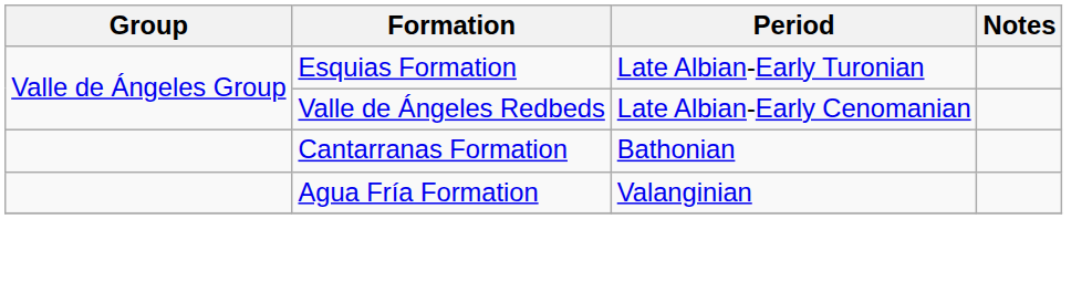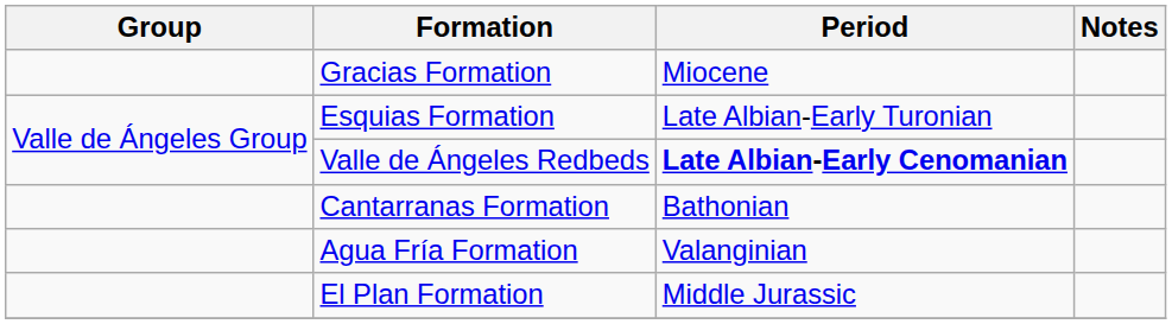 <table class="wikitable sortable">
 <tr>
 <th>Group</th>
 <th>Formation</th>
 <th>Period</th>
 <th class="unsortable">Notes</th>
+</tr>
+<tr>
+<td></td>
+<td><a href='#'>Gracias Formation</a></td>
+<td style="background-color: "><a href='#'>Miocene</a></td>
+<td align=center></td>
 </tr>
 <tr>
 <td rowspan=2><a href='#'>Valle de Ángeles Group</a></td>
 <td><a href='#'>Esquias Formation</a></td>
 <td style="background-color: "><a href='#'>Late Albian</a>-<a href='#'>Early Turonian</a></td>
 <td align=center></td>
 </tr>
 <tr>
 <td><a href='#'>Valle de Ángeles Redbeds</a></td>
-<td style="background-color: "><a href='#'>Late Albian</a>-<a href='#'>Early Cenomanian</a></td>
+<td style="background-color: "><strong><a href='#'>Late Albian</a>-<a href='#'>Early Cenomanian</a></strong></td>
 <td align=center></td>
 </tr>
 <tr>
 <td></td>
 <td><a href='#'>Cantarranas Formation</a></td>
 <td style="background-color: "><a href='#'>Bathonian</a></td>
 <td align=center></td>
 </tr>
 <tr>
 <td></td>
 <td><a href='#'>Agua Fría Formation</a></td>
 <td style="background-color: "><a href='#'>Valanginian</a></td>
 <td align=center></td>
 </tr>
 <tr>
+<td></td>
+<td><a href='#'>El Plan Formation</a></td>
+<td style="background-color: "><a href='#'>Middle Jurassic</a></td>
+<td align=center></td>
+</tr>
+<tr>
 </tr>
 </table>
